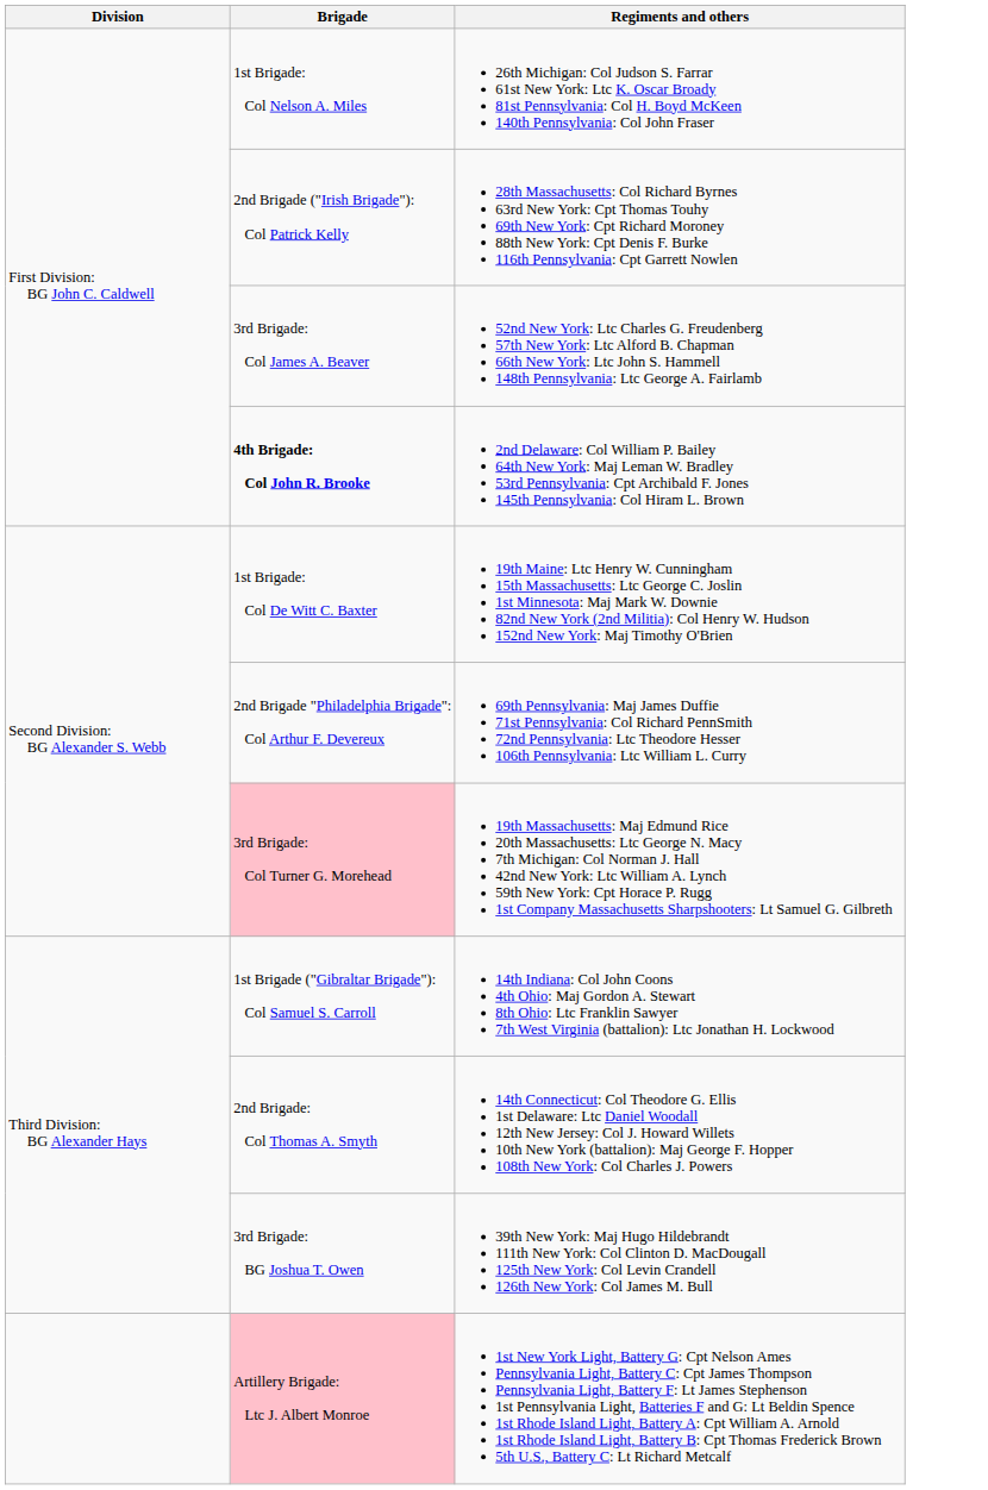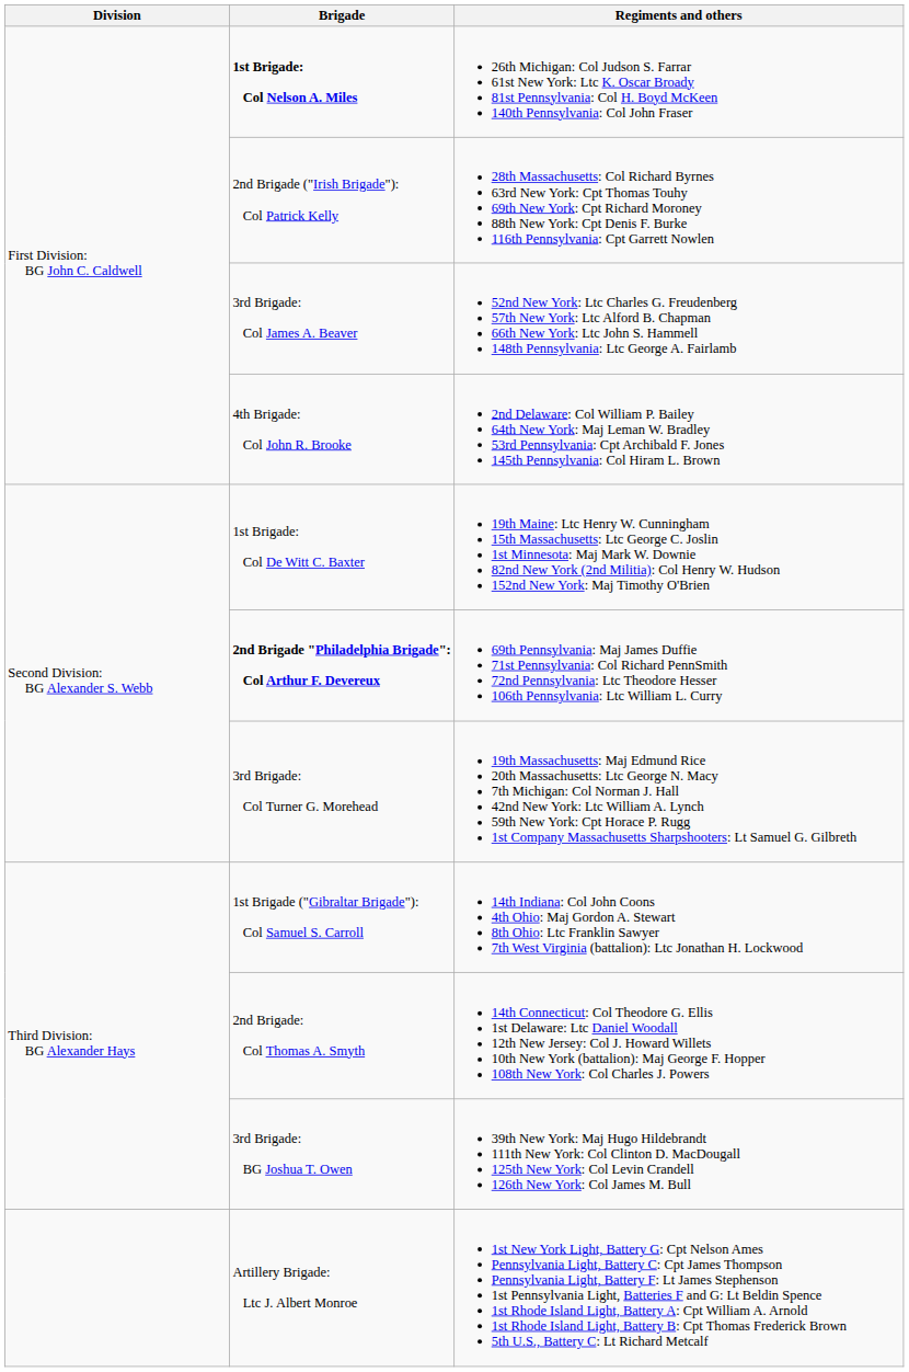 <table class="wikitable">
 <tr>
 <th width=25%>Division</th>
 <th width=25%>Brigade</th>
 <th>Regiments and others</th>
 </tr>
 <tr>
 <td rowspan=4><br>First Division: <br>     BG <a href='#'>John C. Caldwell</a></td>
-<td>1st Brigade:<br><br>   Col <a href='#'>Nelson A. Miles</a></td>
+<td><strong>1st Brigade:<br><br>   Col <a href='#'>Nelson A. Miles</a></strong></td>
 <td><br><ul><li>26th Michigan: Col Judson S. Farrar</li><li>61st New York: Ltc <a href='#'>K. Oscar Broady</a></li><li><a href='#'>81st Pennsylvania</a>: Col <a href='#'>H. Boyd McKeen</a></li><li><a href='#'>140th Pennsylvania</a>: Col John Fraser</li></ul></td>
 </tr>
 <tr>
 <td>2nd Brigade ("<a href='#'>Irish Brigade</a>"):<br><br>   Col <a href='#'>Patrick Kelly</a></td>
 <td><br><ul><li><a href='#'>28th Massachusetts</a>: Col Richard Byrnes</li><li>63rd New York: Cpt Thomas Touhy</li><li><a href='#'>69th New York</a>: Cpt Richard Moroney</li><li>88th New York: Cpt Denis F. Burke</li><li><a href='#'>116th Pennsylvania</a>: Cpt Garrett Nowlen</li></ul></td>
 </tr>
 <tr>
 <td>3rd Brigade:<br><br>   Col <a href='#'>James A. Beaver</a></td>
 <td><br><ul><li><a href='#'>52nd New York</a>: Ltc Charles G. Freudenberg</li><li><a href='#'>57th New York</a>: Ltc Alford B. Chapman</li><li><a href='#'>66th New York</a>: Ltc John S. Hammell</li><li><a href='#'>148th Pennsylvania</a>: Ltc George A. Fairlamb</li></ul></td>
 </tr>
 <tr>
-<td><strong>4th Brigade:<br><br>   Col <a href='#'>John R. Brooke</a></strong></td>
+<td>4th Brigade:<br><br>   Col <a href='#'>John R. Brooke</a></td>
 <td><br><ul><li><a href='#'>2nd Delaware</a>: Col William P. Bailey</li><li><a href='#'>64th New York</a>: Maj Leman W. Bradley</li><li><a href='#'>53rd Pennsylvania</a>: Cpt Archibald F. Jones</li><li><a href='#'>145th Pennsylvania</a>: Col Hiram L. Brown</li></ul></td>
 </tr>
 <tr>
 <td rowspan=3><br>Second Division: <br>     BG <a href='#'>Alexander S. Webb</a></td>
 <td>1st Brigade:<br><br>   Col <a href='#'>De Witt C. Baxter</a></td>
 <td><br><ul><li><a href='#'>19th Maine</a>: Ltc Henry W. Cunningham</li><li><a href='#'>15th Massachusetts</a>: Ltc George C. Joslin</li><li><a href='#'>1st Minnesota</a>: Maj Mark W. Downie</li><li><a href='#'>82nd New York (2nd Militia)</a>: Col Henry W. Hudson</li><li><a href='#'>152nd New York</a>: Maj Timothy O'Brien</li></ul></td>
 </tr>
 <tr>
-<td>2nd Brigade "<a href='#'>Philadelphia Brigade</a>":<br><br>   Col <a href='#'>Arthur F. Devereux</a></td>
+<td><strong>2nd Brigade "<a href='#'>Philadelphia Brigade</a>":<br><br>   Col <a href='#'>Arthur F. Devereux</a></strong></td>
 <td><br><ul><li><a href='#'>69th Pennsylvania</a>: Maj James Duffie</li><li><a href='#'>71st Pennsylvania</a>: Col Richard PennSmith</li><li><a href='#'>72nd Pennsylvania</a>: Ltc Theodore Hesser</li><li><a href='#'>106th Pennsylvania</a>: Ltc William L. Curry</li></ul></td>
 </tr>
 <tr>
-<td style="background: pink;">3rd Brigade:<br><br>   Col Turner G. Morehead</td>
+<td>3rd Brigade:<br><br>   Col Turner G. Morehead</td>
 <td><br><ul><li><a href='#'>19th Massachusetts</a>: Maj Edmund Rice</li><li>20th Massachusetts: Ltc George N. Macy</li><li>7th Michigan: Col Norman J. Hall</li><li>42nd New York: Ltc William A. Lynch</li><li>59th New York: Cpt Horace P. Rugg</li><li><a href='#'>1st Company Massachusetts Sharpshooters</a>: Lt Samuel G. Gilbreth</li></ul></td>
 </tr>
 <tr>
 <td rowspan=3><br>Third Division: <br>     BG <a href='#'>Alexander Hays</a></td>
 <td>1st Brigade ("<a href='#'>Gibraltar Brigade</a>"):<br><br>   Col <a href='#'>Samuel S. Carroll</a></td>
 <td><br><ul><li><a href='#'>14th Indiana</a>: Col John Coons</li><li><a href='#'>4th Ohio</a>: Maj Gordon A. Stewart</li><li><a href='#'>8th Ohio</a>: Ltc Franklin Sawyer</li><li><a href='#'>7th West Virginia</a> (battalion): Ltc Jonathan H. Lockwood</li></ul></td>
 </tr>
 <tr>
 <td>2nd Brigade:<br><br>   Col <a href='#'>Thomas A. Smyth</a></td>
 <td><br><ul><li><a href='#'>14th Connecticut</a>: Col Theodore G. Ellis</li><li>1st Delaware: Ltc <a href='#'>Daniel Woodall</a></li><li>12th New Jersey: Col J. Howard Willets</li><li>10th New York (battalion): Maj George F. Hopper</li><li><a href='#'>108th New York</a>: Col Charles J. Powers</li></ul></td>
 </tr>
 <tr>
 <td>3rd Brigade:<br><br>   BG <a href='#'>Joshua T. Owen</a></td>
 <td><br><ul><li>39th New York: Maj Hugo Hildebrandt</li><li>111th New York: Col Clinton D. MacDougall</li><li><a href='#'>125th New York</a>: Col Levin Crandell</li><li><a href='#'>126th New York</a>: Col James M. Bull</li></ul></td>
 </tr>
 <tr>
 <td></td>
-<td style="background: pink;">Artillery Brigade:<br><br>   Ltc J. Albert Monroe</td>
+<td>Artillery Brigade:<br><br>   Ltc J. Albert Monroe</td>
 <td><br><ul><li><a href='#'>1st New York Light, Battery G</a>: Cpt Nelson Ames</li><li><a href='#'>Pennsylvania Light, Battery C</a>: Cpt James Thompson</li><li><a href='#'>Pennsylvania Light, Battery F</a>: Lt James Stephenson</li><li>1st Pennsylvania Light, <a href='#'>Batteries F</a> and G: Lt Beldin Spence</li><li><a href='#'>1st Rhode Island Light, Battery A</a>: Cpt William A. Arnold</li><li><a href='#'>1st Rhode Island Light, Battery B</a>: Cpt Thomas Frederick Brown</li><li><a href='#'>5th U.S., Battery C</a>: Lt Richard Metcalf</li></ul></td>
 </tr>
 </table>
